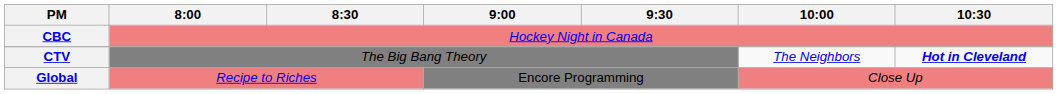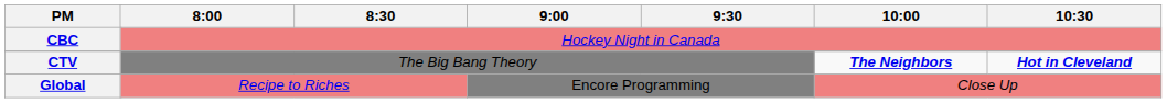 <table class="wikitable" style="width:100%;margin-right:0;text-align:center">
 <tr>
 <th colspan="2" style="width:10%;">PM</th>
 <th style="width:15%;">8:00</th>
 <th style="width:15%;">8:30</th>
 <th style="width:15%;">9:00</th>
 <th style="width:15%;">9:30</th>
 <th style="width:15%;">10:00</th>
 <th style="width:15%;">10:30</th>
 </tr>
 <tr>
 <th colspan="2"><a href='#'>CBC</a></th>
 <td colspan="6" style="background:#f08080;"><em><a href='#'>Hockey Night in Canada</a></em></td>
 </tr>
 <tr>
 </tr>
 <tr>
 <th colspan="2"><a href='#'>CTV</a></th>
 <td colspan="4" bgcolor="gray"><em>The Big Bang Theory</em></td>
-<td><em><a href='#'>The Neighbors</a></em></td>
+<td><strong><em><a href='#'>The Neighbors</a></em></strong></td>
 <td><strong><em><a href='#'>Hot in Cleveland</a></em></strong></td>
 </tr>
 <tr>
 <th colspan="2"><a href='#'>Global</a></th>
 <td colspan="2" bgcolor="#f08080"><em><a href='#'>Recipe to Riches</a></em></td>
 <td bgcolor="gray" colspan="2">Encore Programming</td>
 <td colspan="2" bgcolor="#f08080"><em>Close Up</em></td>
 </tr>
 </table>
